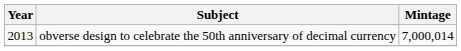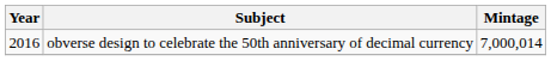 <table class="wikitable">
 <tr>
 <th>Year</th>
 <th>Subject</th>
 <th>Mintage</th>
 </tr>
 <tr>
-<td>2013</td>
+<td>2016</td>
 <td>obverse design to celebrate the 50th anniversary of decimal currency</td>
 <td>7,000,014</td>
 </tr>
 <tr>
 </tr>
 </table>
